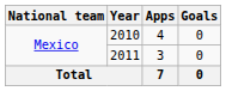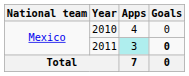 <table class="wikitable" style="text-align: center;">
 <tr>
 <th>National team</th>
 <th>Year</th>
 <th>Apps</th>
 <th>Goals</th>
 </tr>
 <tr>
 <td rowspan="2" valign="center"><a href='#'>Mexico</a></td>
 <td>2010</td>
 <td>4</td>
 <td>0</td>
 </tr>
 <tr>
 <td>2011</td>
-<td>3</td>
-<td>0</td>
+<td style="background: paleturquoise;">3</td>
+<td><strong>0</strong></td>
 </tr>
 <tr>
 <th colspan="2">Total</th>
 <th>7</th>
 <th>0</th>
 </tr>
 </table>
